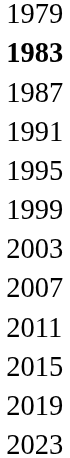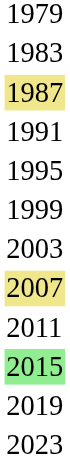 <table>
 <tr style="vertical-align:top;">
 <td>1979<br></td>
 <td></td>
 <td></td>
 <td></td>
 </tr>
 <tr style="vertical-align:top;">
-<td><strong>1983<br></strong></td>
+<td>1983<br></td>
 <td></td>
 <td></td>
 <td></td>
 </tr>
 <tr style="vertical-align:top;">
-<td>1987<br></td>
+<td style="background: khaki;">1987<br></td>
 <td></td>
 <td></td>
 <td></td>
 </tr>
 <tr style="vertical-align:top;">
 <td>1991<br></td>
 <td></td>
 <td></td>
 <td></td>
 </tr>
 <tr style="vertical-align:top;">
 <td>1995<br></td>
 <td></td>
 <td></td>
 <td></td>
 </tr>
 <tr style="vertical-align:top;">
 <td>1999<br></td>
 <td></td>
 <td></td>
 <td></td>
 </tr>
 <tr style="vertical-align:top;">
 <td>2003<br></td>
 <td></td>
 <td></td>
 <td></td>
 </tr>
 <tr style="vertical-align:top;">
-<td>2007<br></td>
+<td style="background: khaki;">2007<br></td>
 <td></td>
 <td></td>
 <td></td>
 </tr>
 <tr style="vertical-align:top;">
 <td>2011<br></td>
 <td></td>
 <td></td>
 <td></td>
 </tr>
 <tr style="vertical-align:top;">
-<td>2015<br></td>
+<td style="background: lightgreen;">2015<br></td>
 <td></td>
 <td></td>
 <td></td>
 </tr>
 <tr style="vertical-align:top;">
 <td>2019<br></td>
 <td></td>
 <td></td>
 <td></td>
 </tr>
 <tr style="vertical-align:top;">
 <td>2023<br></td>
 <td></td>
 <td></td>
 <td></td>
 </tr>
 </table>
